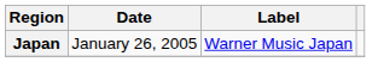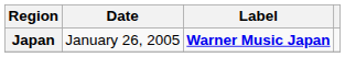 <table class="wikitable plainrowheaders">
 <tr>
 <th scope="col">Region</th>
 <th scope="col">Date</th>
 <th scope="col">Label</th>
 <th scope="col"></th>
 </tr>
 <tr>
 <th scope="row">Japan</th>
 <td>January 26, 2005</td>
-<td><a href='#'>Warner Music Japan</a></td>
+<td><strong><a href='#'>Warner Music Japan</a></strong></td>
 <td></td>
 </tr>
 <tr>
 </tr>
 </table>
